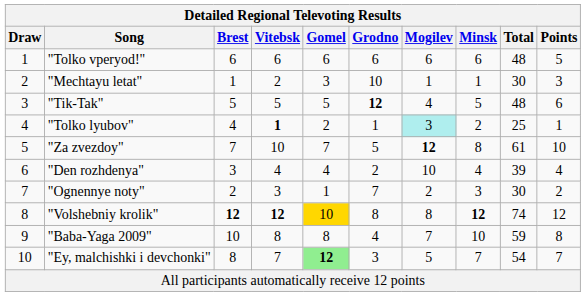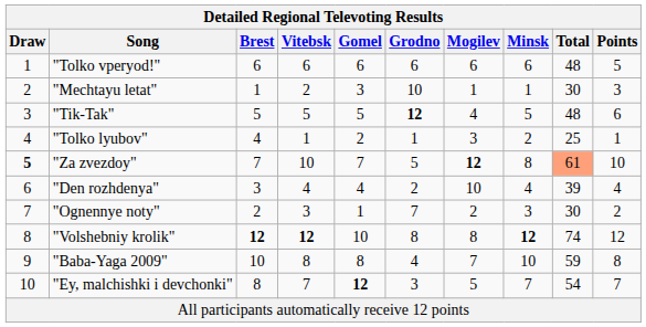 <table class="wikitable collapsible collapsed" style="margin: 1em auto 1em auto; text-align:center;">
 <tr>
 <th colspan="10">Detailed Regional Televoting Results</th>
 </tr>
 <tr>
 <th>Draw</th>
 <th>Song</th>
 <th><a href='#'>Brest</a></th>
 <th><a href='#'>Vitebsk</a></th>
 <th><a href='#'>Gomel</a></th>
 <th><a href='#'>Grodno</a></th>
 <th><a href='#'>Mogilev</a></th>
 <th><a href='#'>Minsk</a></th>
 <th>Total</th>
 <th>Points</th>
 </tr>
 <tr>
 <td>1</td>
 <td align="left">"Tolko vperyod!"</td>
 <td>6</td>
 <td>6</td>
 <td>6</td>
 <td>6</td>
 <td>6</td>
 <td>6</td>
 <td>48</td>
 <td>5</td>
 </tr>
 <tr>
 <td>2</td>
 <td align="left">"Mechtayu letat"</td>
 <td>1</td>
 <td>2</td>
 <td>3</td>
 <td>10</td>
 <td>1</td>
 <td>1</td>
 <td>30</td>
 <td>3</td>
 </tr>
 <tr>
 <td>3</td>
 <td align="left">"Tik-Tak"</td>
 <td>5</td>
 <td>5</td>
 <td>5</td>
 <td><strong>12</strong></td>
 <td>4</td>
 <td>5</td>
 <td>48</td>
 <td>6</td>
 </tr>
 <tr>
 <td>4</td>
 <td align="left">"Tolko lyubov"</td>
 <td>4</td>
-<td><strong>1</strong></td>
+<td>1</td>
 <td>2</td>
 <td>1</td>
-<td style="background: paleturquoise;">3</td>
+<td>3</td>
 <td>2</td>
 <td>25</td>
 <td>1</td>
 </tr>
 <tr>
-<td>5</td>
+<td><strong>5</strong></td>
 <td align="left">"Za zvezdoy"</td>
 <td>7</td>
 <td>10</td>
 <td>7</td>
 <td>5</td>
 <td><strong>12</strong></td>
 <td>8</td>
-<td>61</td>
+<td style="background: lightsalmon;">61</td>
 <td>10</td>
 </tr>
 <tr>
 <td>6</td>
 <td align="left">"Den rozhdenya"</td>
 <td>3</td>
 <td>4</td>
 <td>4</td>
 <td>2</td>
 <td>10</td>
 <td>4</td>
 <td>39</td>
 <td>4</td>
 </tr>
 <tr>
 <td>7</td>
 <td align="left">"Ognennye noty"</td>
 <td>2</td>
 <td>3</td>
 <td>1</td>
 <td>7</td>
 <td>2</td>
 <td>3</td>
 <td>30</td>
 <td>2</td>
 </tr>
 <tr>
 <td>8</td>
 <td align="left">"Volshebniy krolik"</td>
 <td><strong>12</strong></td>
 <td><strong>12</strong></td>
-<td style="background: gold;">10</td>
+<td>10</td>
 <td>8</td>
 <td>8</td>
 <td><strong>12</strong></td>
 <td>74</td>
 <td>12</td>
 </tr>
 <tr>
 <td>9</td>
 <td align="left">"Baba-Yaga 2009"</td>
 <td>10</td>
 <td>8</td>
 <td>8</td>
 <td>4</td>
 <td>7</td>
 <td>10</td>
 <td>59</td>
 <td>8</td>
 </tr>
 <tr>
 <td>10</td>
 <td align="left">"Ey, malchishki i devchonki"</td>
 <td>8</td>
 <td>7</td>
-<td style="background: lightgreen;"><strong>12</strong></td>
+<td><strong>12</strong></td>
 <td>3</td>
 <td>5</td>
 <td>7</td>
 <td>54</td>
 <td>7</td>
 </tr>
 <tr bgcolor="#f2f2f2">
 <td colspan="10">All participants automatically receive 12 points</td>
 </tr>
 </table>
